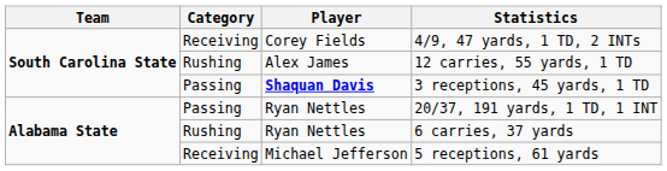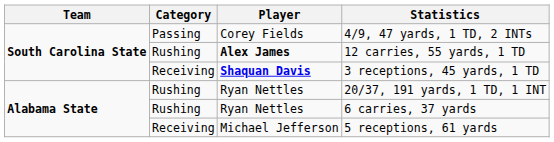 <table class="wikitable" style="float: left;">
 <tr>
 <th>Team</th>
 <th>Category</th>
 <th>Player</th>
 <th>Statistics</th>
 </tr>
 <tr>
 <td rowspan=3><strong>South Carolina State</strong></td>
-<td>Receiving</td>
+<td>Passing</td>
 <td>Corey Fields</td>
 <td>4/9, 47 yards, 1 TD, 2 INTs</td>
 </tr>
 <tr>
 <td>Rushing</td>
-<td>Alex James</td>
+<td><strong>Alex James</strong></td>
 <td>12 carries, 55 yards, 1 TD</td>
 </tr>
 <tr>
-<td>Passing</td>
+<td>Receiving</td>
 <td><strong><a href='#'>Shaquan Davis</a></strong></td>
 <td>3 receptions, 45 yards, 1 TD</td>
 </tr>
 <tr>
 <td rowspan=3><strong>Alabama State</strong></td>
-<td>Passing</td>
+<td>Rushing</td>
 <td>Ryan Nettles</td>
 <td>20/37, 191 yards, 1 TD, 1 INT</td>
 </tr>
 <tr>
 <td>Rushing</td>
 <td>Ryan Nettles</td>
 <td>6 carries, 37 yards</td>
 </tr>
 <tr>
 <td>Receiving</td>
 <td>Michael Jefferson</td>
 <td>5 receptions, 61 yards</td>
 </tr>
 </table>
